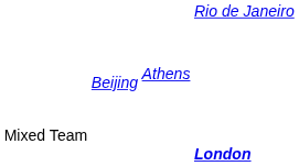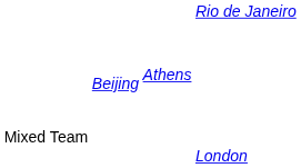 <table>
 <tr>
 <td rowspan=2>Mixed Team<br></td>
 <td rowspan=2> <a href='#'><em>Beijing</em></a><br><br> <br><br><br><br><br></td>
 <td rowspan=2> <a href='#'><em>Athens</em></a><br><br> <br><br><br><br><br><br></td>
 <td> <a href='#'><em>Rio de Janeiro</em></a><br><br> <br><br><br><br><br><br></td>
 </tr>
 <tr>
-<td><strong> <a href='#'><em>London</em></a><br><br> <br><br><br><br><br></strong></td>
+<td> <a href='#'><em>London</em></a><br><br> <br><br><br><br><br></td>
 </tr>
 </table>
